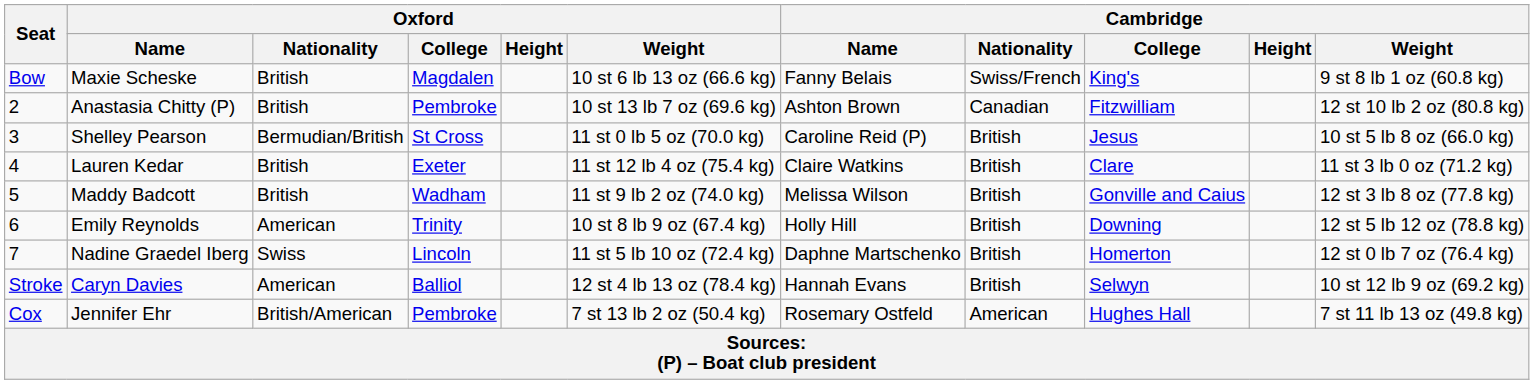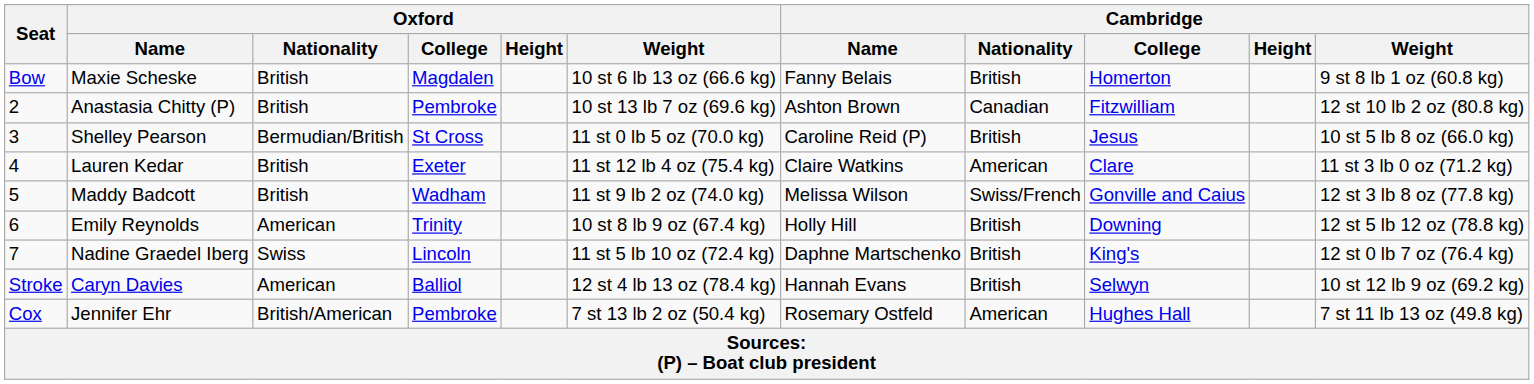 <table class="wikitable">
 <tr>
 <th rowspan="2" scope="col">Seat</th>
 <th colspan="5" scope="col">Oxford <br> </th>
 <th colspan="5" scope="col">Cambridge <br> </th>
 </tr>
 <tr>
 <th>Name</th>
 <th>Nationality</th>
 <th>College</th>
 <th>Height</th>
 <th>Weight</th>
 <th>Name</th>
 <th>Nationality</th>
 <th>College</th>
 <th>Height</th>
 <th>Weight</th>
 </tr>
 <tr>
 <td><a href='#'>Bow</a></td>
 <td>Maxie Scheske</td>
 <td>British</td>
 <td><a href='#'>Magdalen</a></td>
 <td></td>
 <td>10 st 6 lb 13 oz (66.6 kg)</td>
 <td>Fanny Belais</td>
-<td>Swiss/French</td>
-<td><a href='#'>King's</a></td>
+<td>British</td>
+<td><a href='#'>Homerton</a></td>
 <td></td>
 <td>9 st 8 lb 1 oz (60.8 kg)</td>
 </tr>
 <tr>
 <td>2</td>
 <td>Anastasia Chitty (P)</td>
 <td>British</td>
 <td><a href='#'>Pembroke</a></td>
 <td></td>
 <td>10 st 13 lb 7 oz (69.6 kg)</td>
 <td>Ashton Brown</td>
 <td>Canadian</td>
 <td><a href='#'>Fitzwilliam</a></td>
 <td></td>
 <td>12 st 10 lb 2 oz (80.8 kg)</td>
 </tr>
 <tr>
 <td>3</td>
 <td>Shelley Pearson</td>
 <td>Bermudian/British</td>
 <td><a href='#'>St Cross</a></td>
 <td></td>
 <td>11 st 0 lb 5 oz (70.0 kg)</td>
 <td>Caroline Reid (P)</td>
 <td>British</td>
 <td><a href='#'>Jesus</a></td>
 <td></td>
 <td>10 st 5 lb 8 oz (66.0 kg)</td>
 </tr>
 <tr>
 <td>4</td>
 <td>Lauren Kedar</td>
 <td>British</td>
 <td><a href='#'>Exeter</a></td>
 <td></td>
 <td>11 st 12 lb 4 oz (75.4 kg)</td>
 <td>Claire Watkins</td>
-<td>British</td>
+<td>American</td>
 <td><a href='#'>Clare</a></td>
 <td></td>
 <td>11 st 3 lb 0 oz (71.2 kg)</td>
 </tr>
 <tr>
 <td>5</td>
 <td>Maddy Badcott</td>
 <td>British</td>
 <td><a href='#'>Wadham</a></td>
 <td></td>
 <td>11 st 9 lb 2 oz (74.0 kg)</td>
 <td>Melissa Wilson</td>
-<td>British</td>
+<td>Swiss/French</td>
 <td><a href='#'>Gonville and Caius</a></td>
 <td></td>
 <td>12 st 3 lb 8 oz (77.8 kg)</td>
 </tr>
 <tr>
 <td>6</td>
 <td>Emily Reynolds</td>
 <td>American</td>
 <td><a href='#'>Trinity</a></td>
 <td></td>
 <td>10 st 8 lb 9 oz (67.4 kg)</td>
 <td>Holly Hill</td>
 <td>British</td>
 <td><a href='#'>Downing</a></td>
 <td></td>
 <td>12 st 5 lb 12 oz (78.8 kg)</td>
 </tr>
 <tr>
 <td>7</td>
 <td>Nadine Graedel Iberg</td>
 <td>Swiss</td>
 <td><a href='#'>Lincoln</a></td>
 <td></td>
 <td>11 st 5 lb 10 oz (72.4 kg)</td>
 <td>Daphne Martschenko</td>
 <td>British</td>
-<td><a href='#'>Homerton</a></td>
+<td><a href='#'>King's</a></td>
 <td></td>
 <td>12 st 0 lb 7 oz (76.4 kg)</td>
 </tr>
 <tr>
 <td><a href='#'>Stroke</a></td>
 <td><a href='#'>Caryn Davies</a></td>
 <td>American</td>
 <td><a href='#'>Balliol</a></td>
 <td></td>
 <td>12 st 4 lb 13 oz (78.4 kg)</td>
 <td>Hannah Evans</td>
 <td>British</td>
 <td><a href='#'>Selwyn</a></td>
 <td></td>
 <td>10 st 12 lb 9 oz (69.2 kg)</td>
 </tr>
 <tr>
 <td><a href='#'>Cox</a></td>
 <td>Jennifer Ehr</td>
 <td>British/American</td>
 <td><a href='#'>Pembroke</a></td>
 <td></td>
 <td>7 st 13 lb 2 oz (50.4 kg)</td>
 <td>Rosemary Ostfeld</td>
 <td>American</td>
 <td><a href='#'>Hughes Hall</a></td>
 <td></td>
 <td>7 st 11 lb 13 oz (49.8 kg)</td>
 </tr>
 <tr>
 <th colspan="11">Sources:<br>(P) – Boat club president</th>
 </tr>
 </table>
